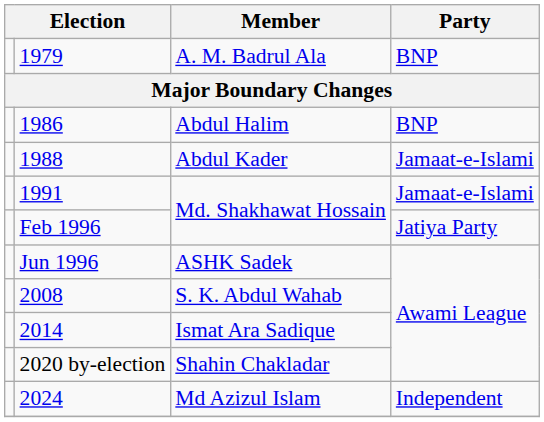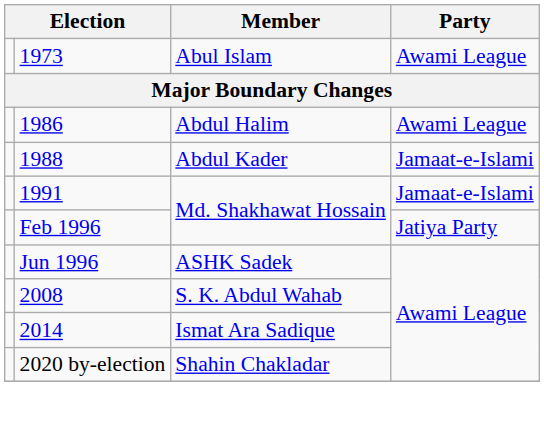 <table class="wikitable">
 <tr>
 <th colspan="2">Election</th>
 <th>Member</th>
 <th>Party</th>
 </tr>
 <tr>
 <td style="background-color:"></td>
-<td><a href='#'>1979</a></td>
-<td><a href='#'>A. M. Badrul Ala</a></td>
-<td><a href='#'>BNP</a></td>
+<td><a href='#'>1973</a></td>
+<td><a href='#'>Abul Islam</a></td>
+<td><a href='#'>Awami League</a></td>
 </tr>
 <tr>
 <th colspan="4">Major Boundary Changes</th>
 </tr>
 <tr>
 <td style="background-color:"></td>
 <td><a href='#'>1986</a></td>
 <td><a href='#'>Abdul Halim</a></td>
-<td><a href='#'>BNP</a></td>
+<td><a href='#'>Awami League</a></td>
 </tr>
 <tr>
 <td style="background-color:"></td>
 <td><a href='#'>1988</a></td>
 <td><a href='#'>Abdul Kader</a></td>
 <td><a href='#'>Jamaat-e-Islami</a></td>
 </tr>
 <tr>
 <td style="background-color:"></td>
 <td><a href='#'>1991</a></td>
 <td rowspan="2"><a href='#'>Md. Shakhawat Hossain</a></td>
 <td><a href='#'>Jamaat-e-Islami</a></td>
 </tr>
 <tr>
 <td style="background-color:"></td>
 <td><a href='#'>Feb 1996</a></td>
 <td><a href='#'>Jatiya Party</a></td>
 </tr>
 <tr>
 <td style="background-color:"></td>
 <td><a href='#'>Jun 1996</a></td>
 <td><a href='#'>ASHK Sadek</a></td>
 <td rowspan="4"><a href='#'>Awami League</a></td>
 </tr>
 <tr>
 <td style="background-color:"></td>
 <td><a href='#'>2008</a></td>
 <td><a href='#'>S. K. Abdul Wahab</a></td>
 </tr>
 <tr>
 <td style="background-color:"></td>
 <td><a href='#'>2014</a></td>
 <td><a href='#'>Ismat Ara Sadique</a></td>
 </tr>
 <tr>
 <td style="background-color:"></td>
 <td>2020 by-election</td>
 <td><a href='#'>Shahin Chakladar</a></td>
 </tr>
 <tr>
-<td style="background-color:"></td>
-<td><a href='#'>2024</a></td>
-<td><a href='#'>Md Azizul Islam</a></td>
-<td><a href='#'>Independent</a></td>
-</tr>
-<tr>
 </tr>
 </table>
